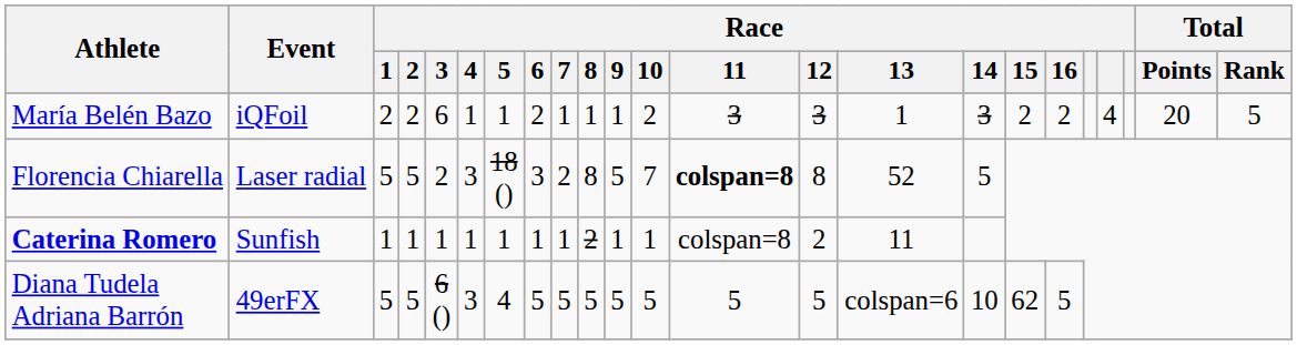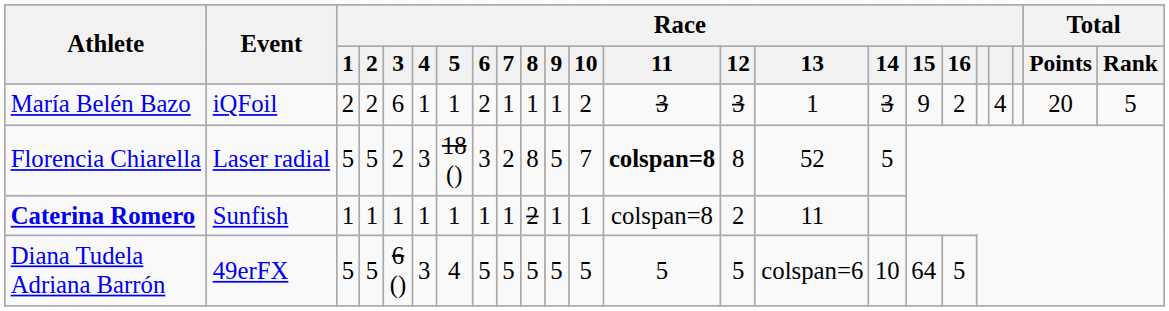 <table class=wikitable style=font-size:90%;text-align:center>
 <tr>
 <th rowspan=2>Athlete</th>
 <th rowspan=2>Event</th>
 <th colspan=19>Race</th>
 <th colspan=2>Total</th>
 </tr>
 <tr style=font-size:95%>
 <th>1</th>
 <th>2</th>
 <th>3</th>
 <th>4</th>
 <th>5</th>
 <th>6</th>
 <th>7</th>
 <th>8</th>
 <th>9</th>
 <th>10</th>
 <th>11</th>
 <th>12</th>
 <th>13</th>
 <th>14</th>
 <th>15</th>
 <th>16</th>
 <th></th>
 <th></th>
 <th></th>
 <th>Points</th>
 <th>Rank</th>
 </tr>
 <tr>
 <td align=left><a href='#'>María Belén Bazo</a></td>
 <td align=left><a href='#'>iQFoil</a></td>
 <td>2</td>
 <td>2</td>
 <td>6</td>
 <td>1</td>
 <td>1</td>
 <td>2</td>
 <td>1</td>
 <td>1</td>
 <td>1</td>
 <td>2</td>
 <td><s>3</s></td>
 <td><s>3</s></td>
 <td>1</td>
 <td><s>3</s></td>
-<td>2</td>
+<td>9</td>
 <td>2</td>
 <td></td>
 <td>4</td>
 <td></td>
 <td>20</td>
 <td>5</td>
 </tr>
 <tr>
 <td align=left><a href='#'>Florencia Chiarella</a></td>
 <td align=left><a href='#'>Laser radial</a></td>
 <td>5</td>
 <td>5</td>
 <td>2</td>
 <td>3</td>
 <td><s>18</s><br>()</td>
 <td>3</td>
 <td>2</td>
 <td>8</td>
 <td>5</td>
 <td>7</td>
 <td><strong>colspan=8 </strong></td>
 <td>8</td>
 <td>52</td>
 <td>5</td>
 </tr>
 <tr>
 <td align=left><strong><a href='#'>Caterina Romero</a></strong></td>
 <td align=left><a href='#'>Sunfish</a></td>
 <td>1</td>
 <td>1</td>
 <td>1</td>
 <td>1</td>
 <td>1</td>
 <td>1</td>
 <td>1</td>
 <td><s>2</s></td>
 <td>1</td>
 <td>1</td>
 <td>colspan=8 </td>
 <td>2</td>
 <td>11</td>
 <td></td>
 </tr>
 <tr>
 <td align=left><a href='#'>Diana Tudela</a><br><a href='#'>Adriana Barrón</a></td>
 <td align=left><a href='#'>49erFX</a></td>
 <td>5</td>
 <td>5</td>
 <td><s>6</s><br>()</td>
 <td>3</td>
 <td>4</td>
 <td>5</td>
 <td>5</td>
 <td>5</td>
 <td>5</td>
 <td>5</td>
 <td>5</td>
 <td>5</td>
 <td>colspan=6 </td>
 <td>10</td>
-<td>62</td>
+<td>64</td>
 <td>5</td>
 </tr>
 </table>
